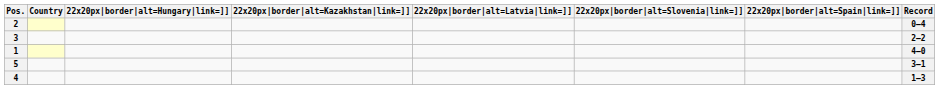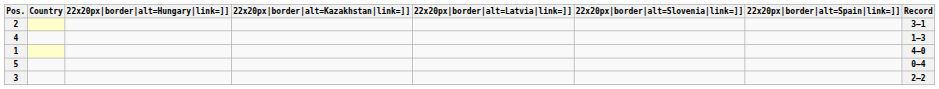 <table class="wikitable sortable nowrap" style="text-align:center; font-size:0.9em">
 <tr>
 <th>Pos.</th>
 <th>Country</th>
 <th [[Image:>22x20px|border|alt=Hungary|link=]]</th>
 <th [[Image:>22x20px|border|alt=Kazakhstan|link=]]</th>
 <th [[Image:>22x20px|border|alt=Latvia|link=]]</th>
 <th [[Image:>22x20px|border|alt=Slovenia|link=]]</th>
 <th [[Image:>22x20px|border|alt=Spain|link=]]</th>
 <th>Record</th>
 </tr>
 <tr>
 <th>2</th>
 <td style="text-align:left; background:#ffffcc;"></td>
 <td> </td>
 <td> </td>
 <td> </td>
 <td> </td>
 <td> </td>
-<th>0–4</th>
+<th>3–1</th>
 </tr>
 <tr>
-<th>3</th>
+<th>4</th>
 <td style="text-align:left;"></td>
 <td> </td>
 <td> </td>
 <td> </td>
 <td> </td>
 <td> </td>
-<th>2–2</th>
+<th>1–3</th>
 </tr>
 <tr>
 <th>1</th>
 <td style="text-align:left; background:#ffffcc;"></td>
 <td> </td>
 <td> </td>
 <td> </td>
 <td> </td>
 <td> </td>
 <th>4–0</th>
 </tr>
 <tr>
 <th>5</th>
 <td style="text-align:left;"></td>
 <td> </td>
 <td> </td>
 <td> </td>
 <td> </td>
 <td> </td>
-<th>3–1</th>
+<th>0–4</th>
 </tr>
 <tr>
-<th>4</th>
+<th>3</th>
 <td style="text-align:left;"></td>
 <td> </td>
 <td> </td>
 <td> </td>
 <td> </td>
 <td> </td>
-<th>1–3</th>
+<th>2–2</th>
 </tr>
 </table>
